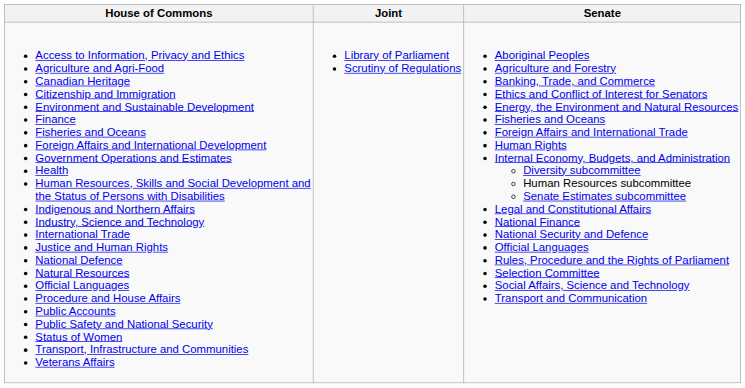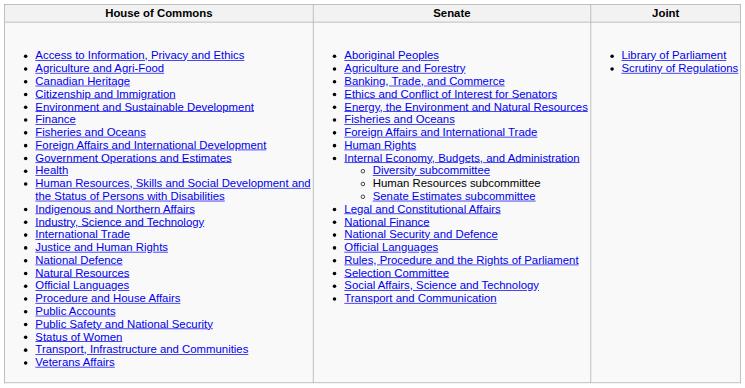 <table class=wikitable>
 <tr>
 <th>House of Commons</th>
+<th>Senate</th>
 <th>Joint </th>
-<th>Senate</th>
 </tr>
 <tr valign=top>
 <td><br><ul><li><a href='#'>Access to Information, Privacy and Ethics</a></li><li><a href='#'>Agriculture and Agri-Food</a></li><li><a href='#'>Canadian Heritage</a></li><li><a href='#'>Citizenship and Immigration</a></li><li><a href='#'>Environment and Sustainable Development</a></li><li><a href='#'>Finance</a></li><li><a href='#'>Fisheries and Oceans</a></li><li><a href='#'>Foreign Affairs and International Development</a></li><li><a href='#'>Government Operations and Estimates</a></li><li><a href='#'>Health</a></li><li><a href='#'>Human Resources, Skills and Social Development and<br>the Status of Persons with Disabilities</a></li><li><a href='#'>Indigenous and Northern Affairs</a></li><li><a href='#'>Industry, Science and Technology</a></li><li><a href='#'>International Trade</a></li><li><a href='#'>Justice and Human Rights</a></li><li><a href='#'>National Defence</a></li><li><a href='#'>Natural Resources</a></li><li><a href='#'>Official Languages</a></li><li><a href='#'>Procedure and House Affairs</a></li><li><a href='#'>Public Accounts</a></li><li><a href='#'>Public Safety and National Security</a></li><li><a href='#'>Status of Women</a></li><li><a href='#'>Transport, Infrastructure and Communities</a></li><li><a href='#'>Veterans Affairs</a></li></ul></td>
+<td><br><ul><li><a href='#'>Aboriginal Peoples</a></li><li><a href='#'>Agriculture and Forestry</a></li><li><a href='#'>Banking, Trade, and Commerce</a></li><li><a href='#'>Ethics and Conflict of Interest for Senators</a></li><li><a href='#'>Energy, the Environment and Natural Resources</a></li><li><a href='#'>Fisheries and Oceans</a></li><li><a href='#'>Foreign Affairs and International Trade</a></li><li><a href='#'>Human Rights</a></li><li><a href='#'>Internal Economy, Budgets, and Administration</a><ul><li><a href='#'>Diversity subcommittee</a></li><li>Human Resources subcommittee</li><li><a href='#'>Senate Estimates subcommittee</a></li></ul></li><li><a href='#'>Legal and Constitutional Affairs</a></li><li><a href='#'>National Finance</a></li><li><a href='#'>National Security and Defence</a></li><li><a href='#'>Official Languages</a></li><li><a href='#'>Rules, Procedure and the Rights of Parliament</a></li><li><a href='#'>Selection Committee</a></li><li><a href='#'>Social Affairs, Science and Technology</a></li><li><a href='#'>Transport and Communication</a></li></ul></td>
 <td><br><ul><li><a href='#'>Library of Parliament</a></li><li><a href='#'>Scrutiny of Regulations</a></li></ul></td>
-<td><br><ul><li><a href='#'>Aboriginal Peoples</a></li><li><a href='#'>Agriculture and Forestry</a></li><li><a href='#'>Banking, Trade, and Commerce</a></li><li><a href='#'>Ethics and Conflict of Interest for Senators</a></li><li><a href='#'>Energy, the Environment and Natural Resources</a></li><li><a href='#'>Fisheries and Oceans</a></li><li><a href='#'>Foreign Affairs and International Trade</a></li><li><a href='#'>Human Rights</a></li><li><a href='#'>Internal Economy, Budgets, and Administration</a><ul><li><a href='#'>Diversity subcommittee</a></li><li>Human Resources subcommittee</li><li><a href='#'>Senate Estimates subcommittee</a></li></ul></li><li><a href='#'>Legal and Constitutional Affairs</a></li><li><a href='#'>National Finance</a></li><li><a href='#'>National Security and Defence</a></li><li><a href='#'>Official Languages</a></li><li><a href='#'>Rules, Procedure and the Rights of Parliament</a></li><li><a href='#'>Selection Committee</a></li><li><a href='#'>Social Affairs, Science and Technology</a></li><li><a href='#'>Transport and Communication</a></li></ul></td>
 </tr>
 </table>
